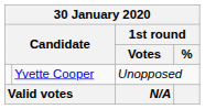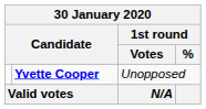 <table class="wikitable" style="min-width:250px">
 <tr>
 <th colspan="4">30 January 2020</th>
 </tr>
 <tr>
 <th colspan="2" rowspan="2">Candidate</th>
 <th colspan="2">1st round</th>
 </tr>
 <tr>
 <th>Votes</th>
 <th>%</th>
 </tr>
 <tr>
 <td style="color:inherit;background-color: "></td>
-<td><a href='#'>Yvette Cooper</a></td>
+<td><strong><a href='#'>Yvette Cooper</a></strong></td>
 <td colspan="2"><em>Unopposed</em></td>
 </tr>
 <tr>
 <th colspan="2" style="text-align:left;"><strong>Valid votes</strong></th>
 <th style="text-align:right;"><em>N/A</em></th>
 <th></th>
 </tr>
 </table>
